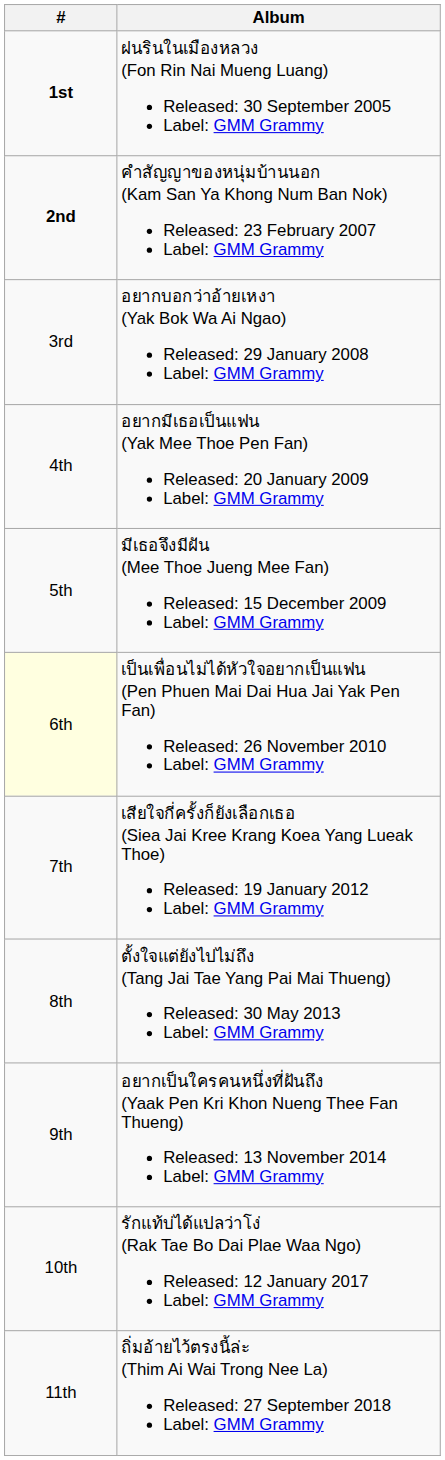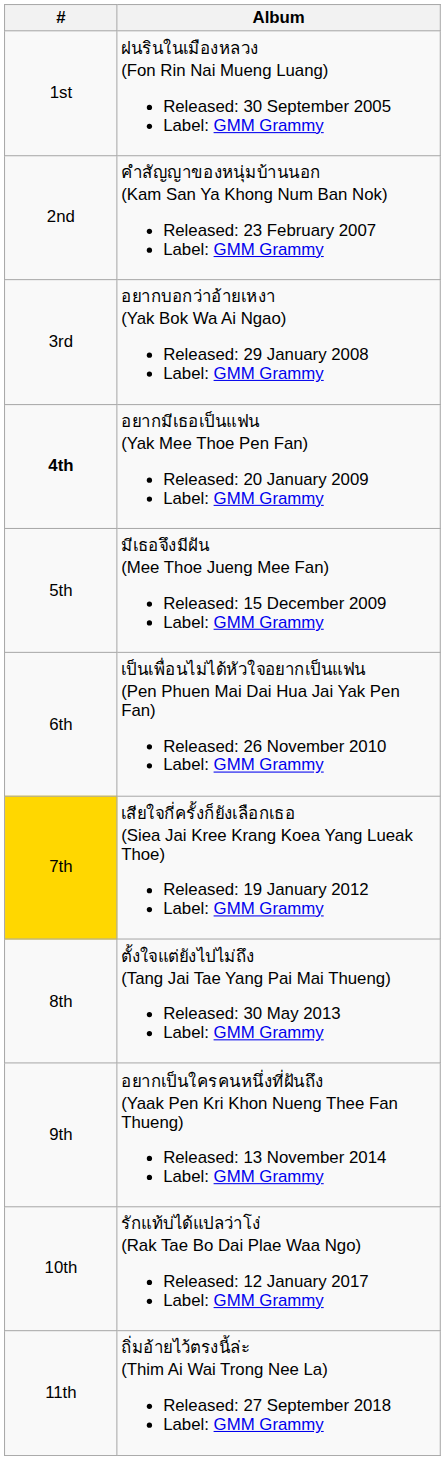 <table class="wikitable">
 <tr>
 <th width="100">#</th>
 <th width="300">Album</th>
 </tr>
 <tr>
-<td style="text-align:center;"><strong>1st</strong></td>
+<td style="text-align:center;">1st</td>
 <td>ฝนรินในเมืองหลวง<br>(Fon Rin Nai Mueng Luang)<ul><li>Released: 30 September 2005</li><li>Label: <a href='#'>GMM Grammy</a></li></ul></td>
 </tr>
 <tr>
-<td style="text-align:center;"><strong>2nd</strong></td>
+<td style="text-align:center;">2nd</td>
 <td>คำสัญญาของหนุ่มบ้านนอก<br>(Kam San Ya Khong Num Ban Nok)<ul><li>Released: 23 February 2007</li><li>Label: <a href='#'>GMM Grammy</a></li></ul></td>
 </tr>
 <tr>
 <td style="text-align:center;">3rd</td>
 <td>อยากบอกว่าอ้ายเหงา<br>(Yak Bok Wa Ai Ngao)<ul><li>Released: 29 January 2008</li><li>Label: <a href='#'>GMM Grammy</a></li></ul></td>
 </tr>
 <tr>
-<td style="text-align:center;">4th</td>
+<td style="text-align:center;"><strong>4th</strong></td>
 <td>อยากมีเธอเป็นแฟน<br>(Yak Mee Thoe Pen Fan)<ul><li>Released: 20 January 2009</li><li>Label: <a href='#'>GMM Grammy</a></li></ul></td>
 </tr>
 <tr>
 <td style="text-align:center;">5th</td>
 <td>มีเธอจึงมีฝัน<br>(Mee Thoe Jueng Mee Fan)<ul><li>Released: 15 December 2009</li><li>Label: <a href='#'>GMM Grammy</a></li></ul></td>
 </tr>
 <tr>
-<td style="background: lightyellow; text-align:center;">6th</td>
+<td style="text-align:center;">6th</td>
 <td>เป็นเพื่อนไม่ได้หัวใจอยากเป็นแฟน<br>(Pen Phuen Mai Dai Hua Jai Yak Pen Fan)<ul><li>Released: 26 November 2010</li><li>Label: <a href='#'>GMM Grammy</a></li></ul></td>
 </tr>
 <tr>
-<td style="text-align:center;">7th</td>
+<td style="background: gold; text-align:center;">7th</td>
 <td>เสียใจกี่ครั้งก็ยังเลือกเธอ<br>(Siea Jai Kree Krang Koea Yang Lueak Thoe)<ul><li>Released: 19 January 2012</li><li>Label: <a href='#'>GMM Grammy</a></li></ul></td>
 </tr>
 <tr>
 <td style="text-align:center;">8th</td>
 <td>ตั้งใจแต่ยังไปไม่ถึง<br>(Tang Jai Tae Yang Pai Mai Thueng)<ul><li>Released: 30 May 2013</li><li>Label: <a href='#'>GMM Grammy</a></li></ul></td>
 </tr>
 <tr>
 <td style="text-align:center;">9th</td>
 <td>อยากเป็นใครคนหนึ่งที่ฝันถึง<br>(Yaak Pen Kri Khon Nueng Thee Fan Thueng)<ul><li>Released: 13 November 2014</li><li>Label: <a href='#'>GMM Grammy</a></li></ul></td>
 </tr>
 <tr>
 <td style="text-align:center;">10th</td>
 <td>รักแท้บ่ได้แปลว่าโง่<br>(Rak Tae Bo Dai Plae Waa Ngo)<ul><li>Released: 12 January 2017</li><li>Label: <a href='#'>GMM Grammy</a></li></ul></td>
 </tr>
 <tr>
 <td style="text-align:center;">11th</td>
 <td>ถิ่มอ้ายไว้ตรงนี้ล่ะ<br>(Thim Ai Wai Trong Nee La)<ul><li>Released: 27 September 2018</li><li>Label: <a href='#'>GMM Grammy</a></li></ul></td>
 </tr>
 <tr>
 </tr>
 </table>
